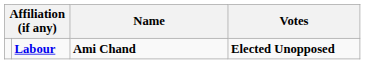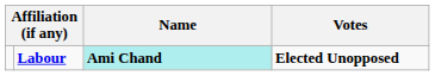 <table class="wikitable" style="width:51%;">
 <tr>
 <th colspan="2" style="width:1%;">Affiliation (if any)</th>
 <th style="width:20%;">Name</th>
 <th style="width:15%;">Votes</th>
 </tr>
 <tr>
 <td bgcolor=></td>
 <td><strong><a href='#'>Labour</a></strong></td>
-<td><strong>Ami Chand</strong></td>
+<td style="background: paleturquoise;"><strong>Ami Chand</strong></td>
 <td><strong>Elected Unopposed</strong></td>
 </tr>
 </table>
